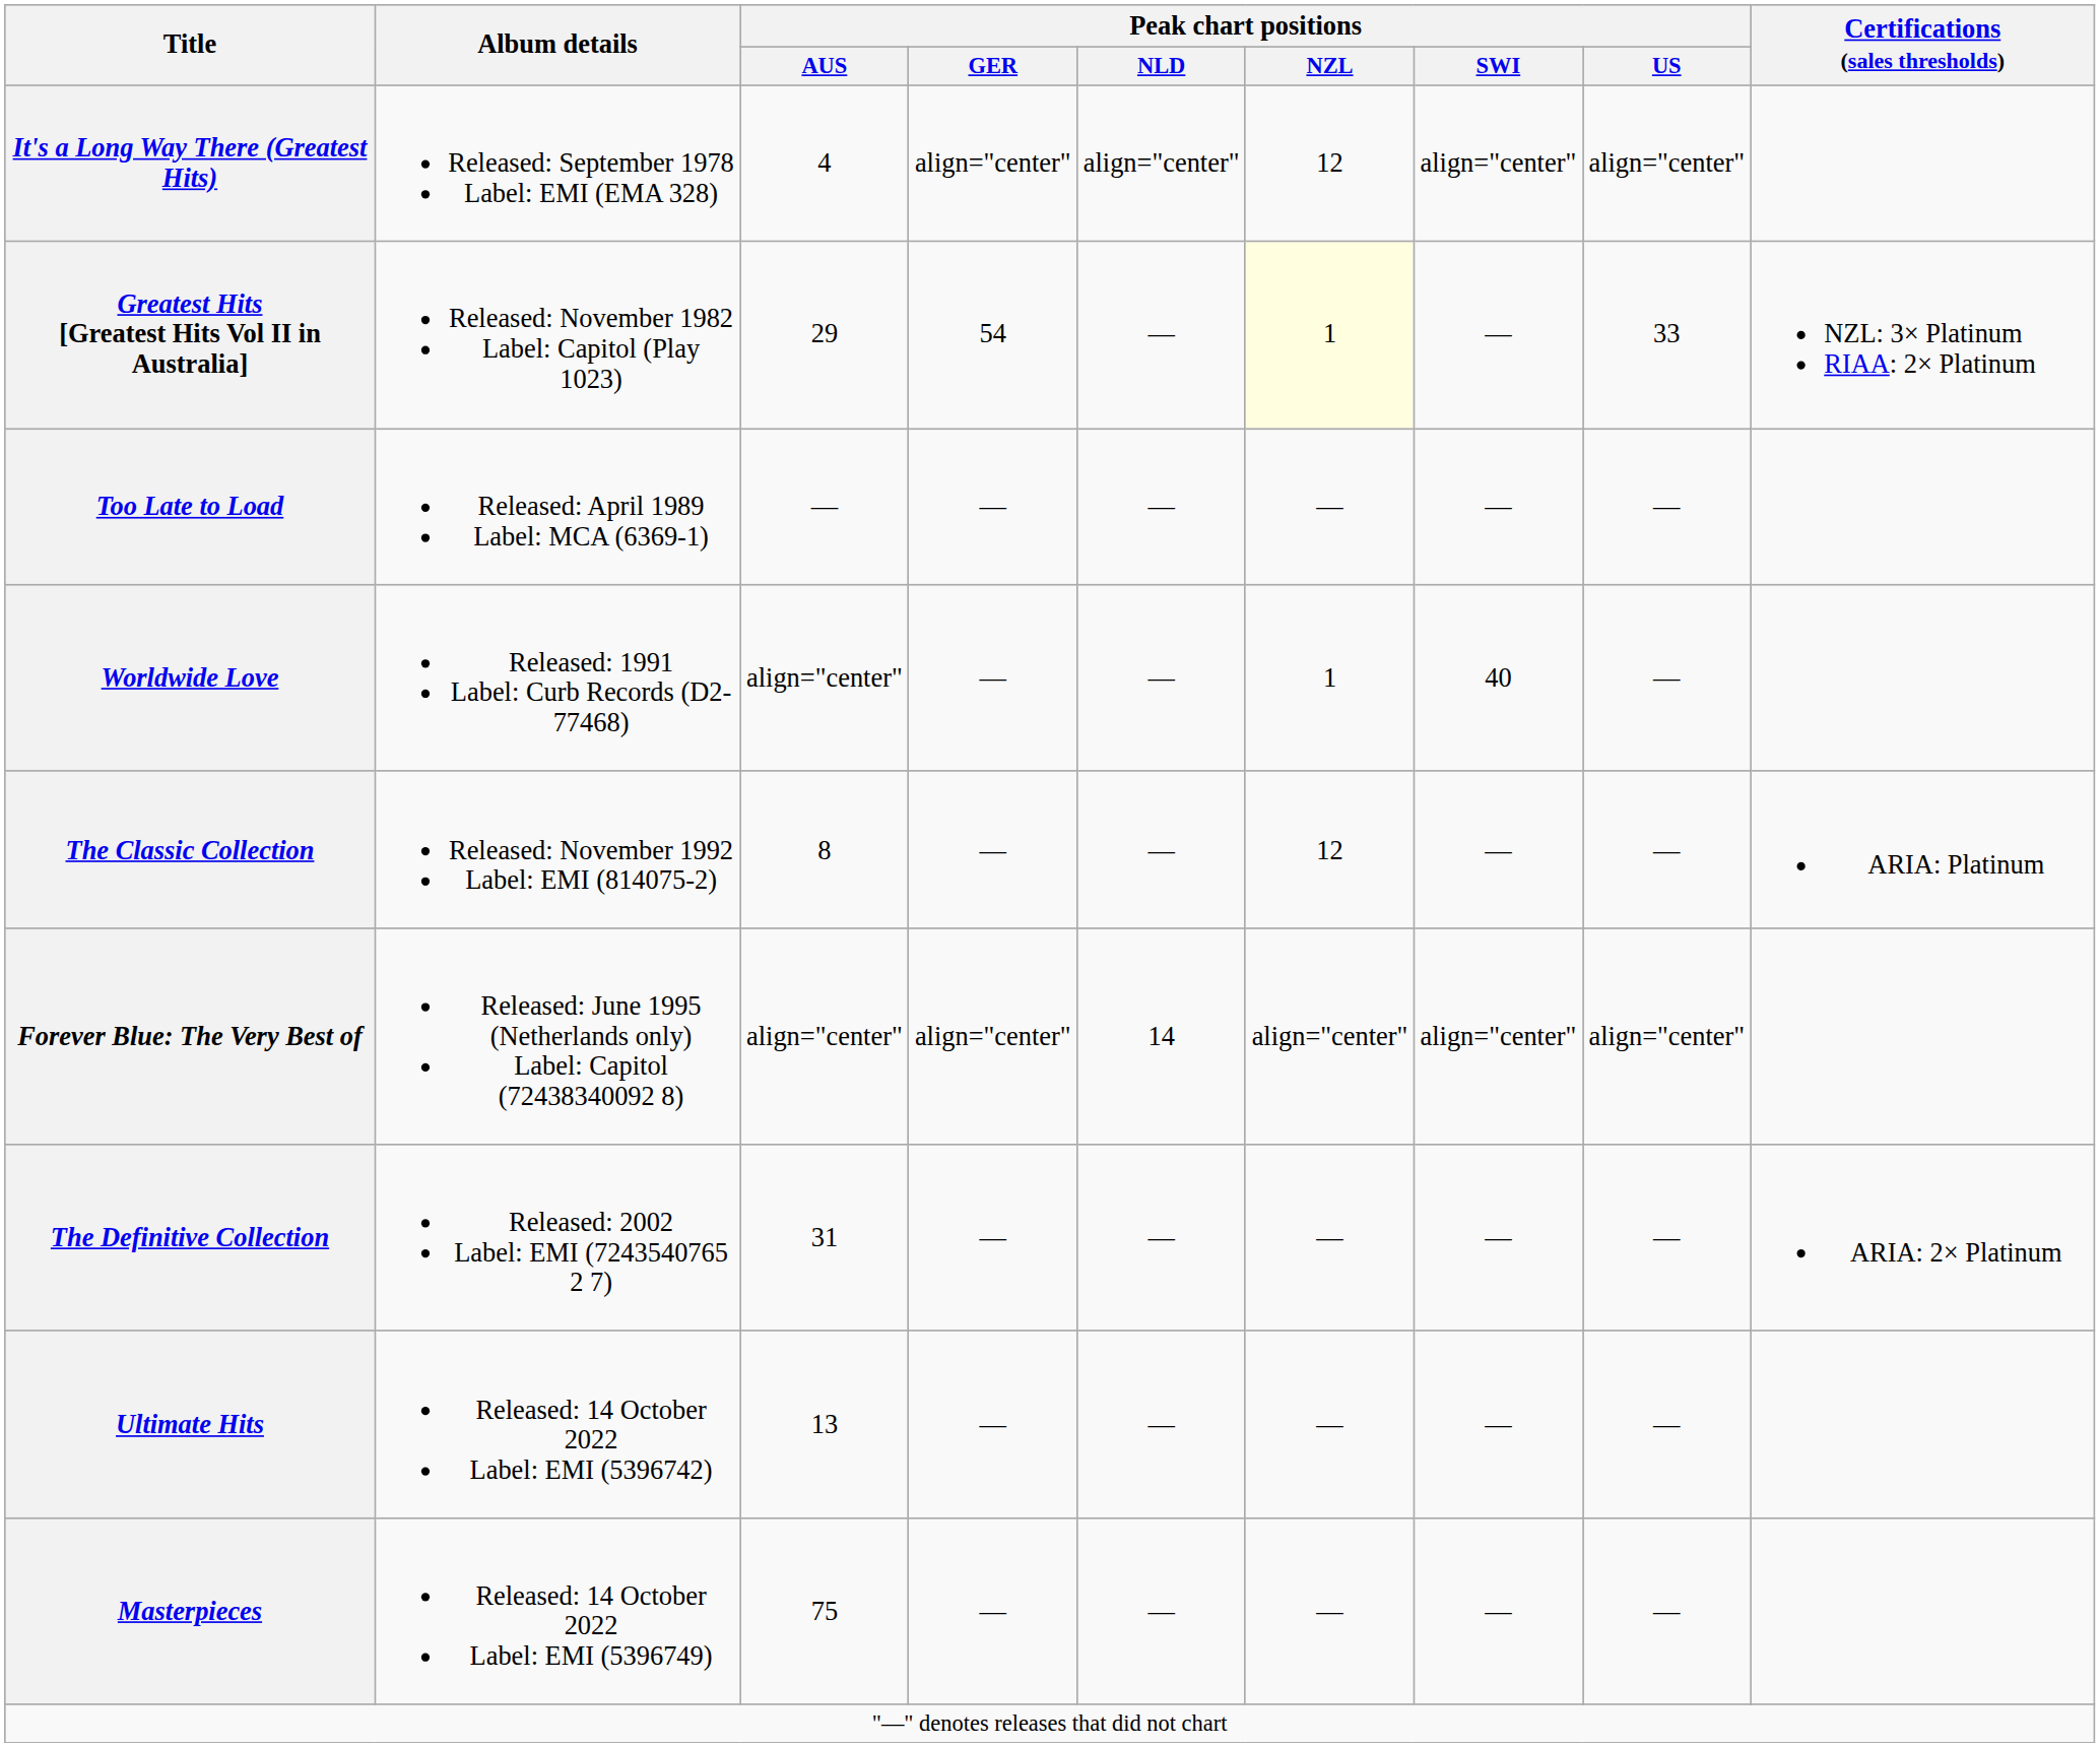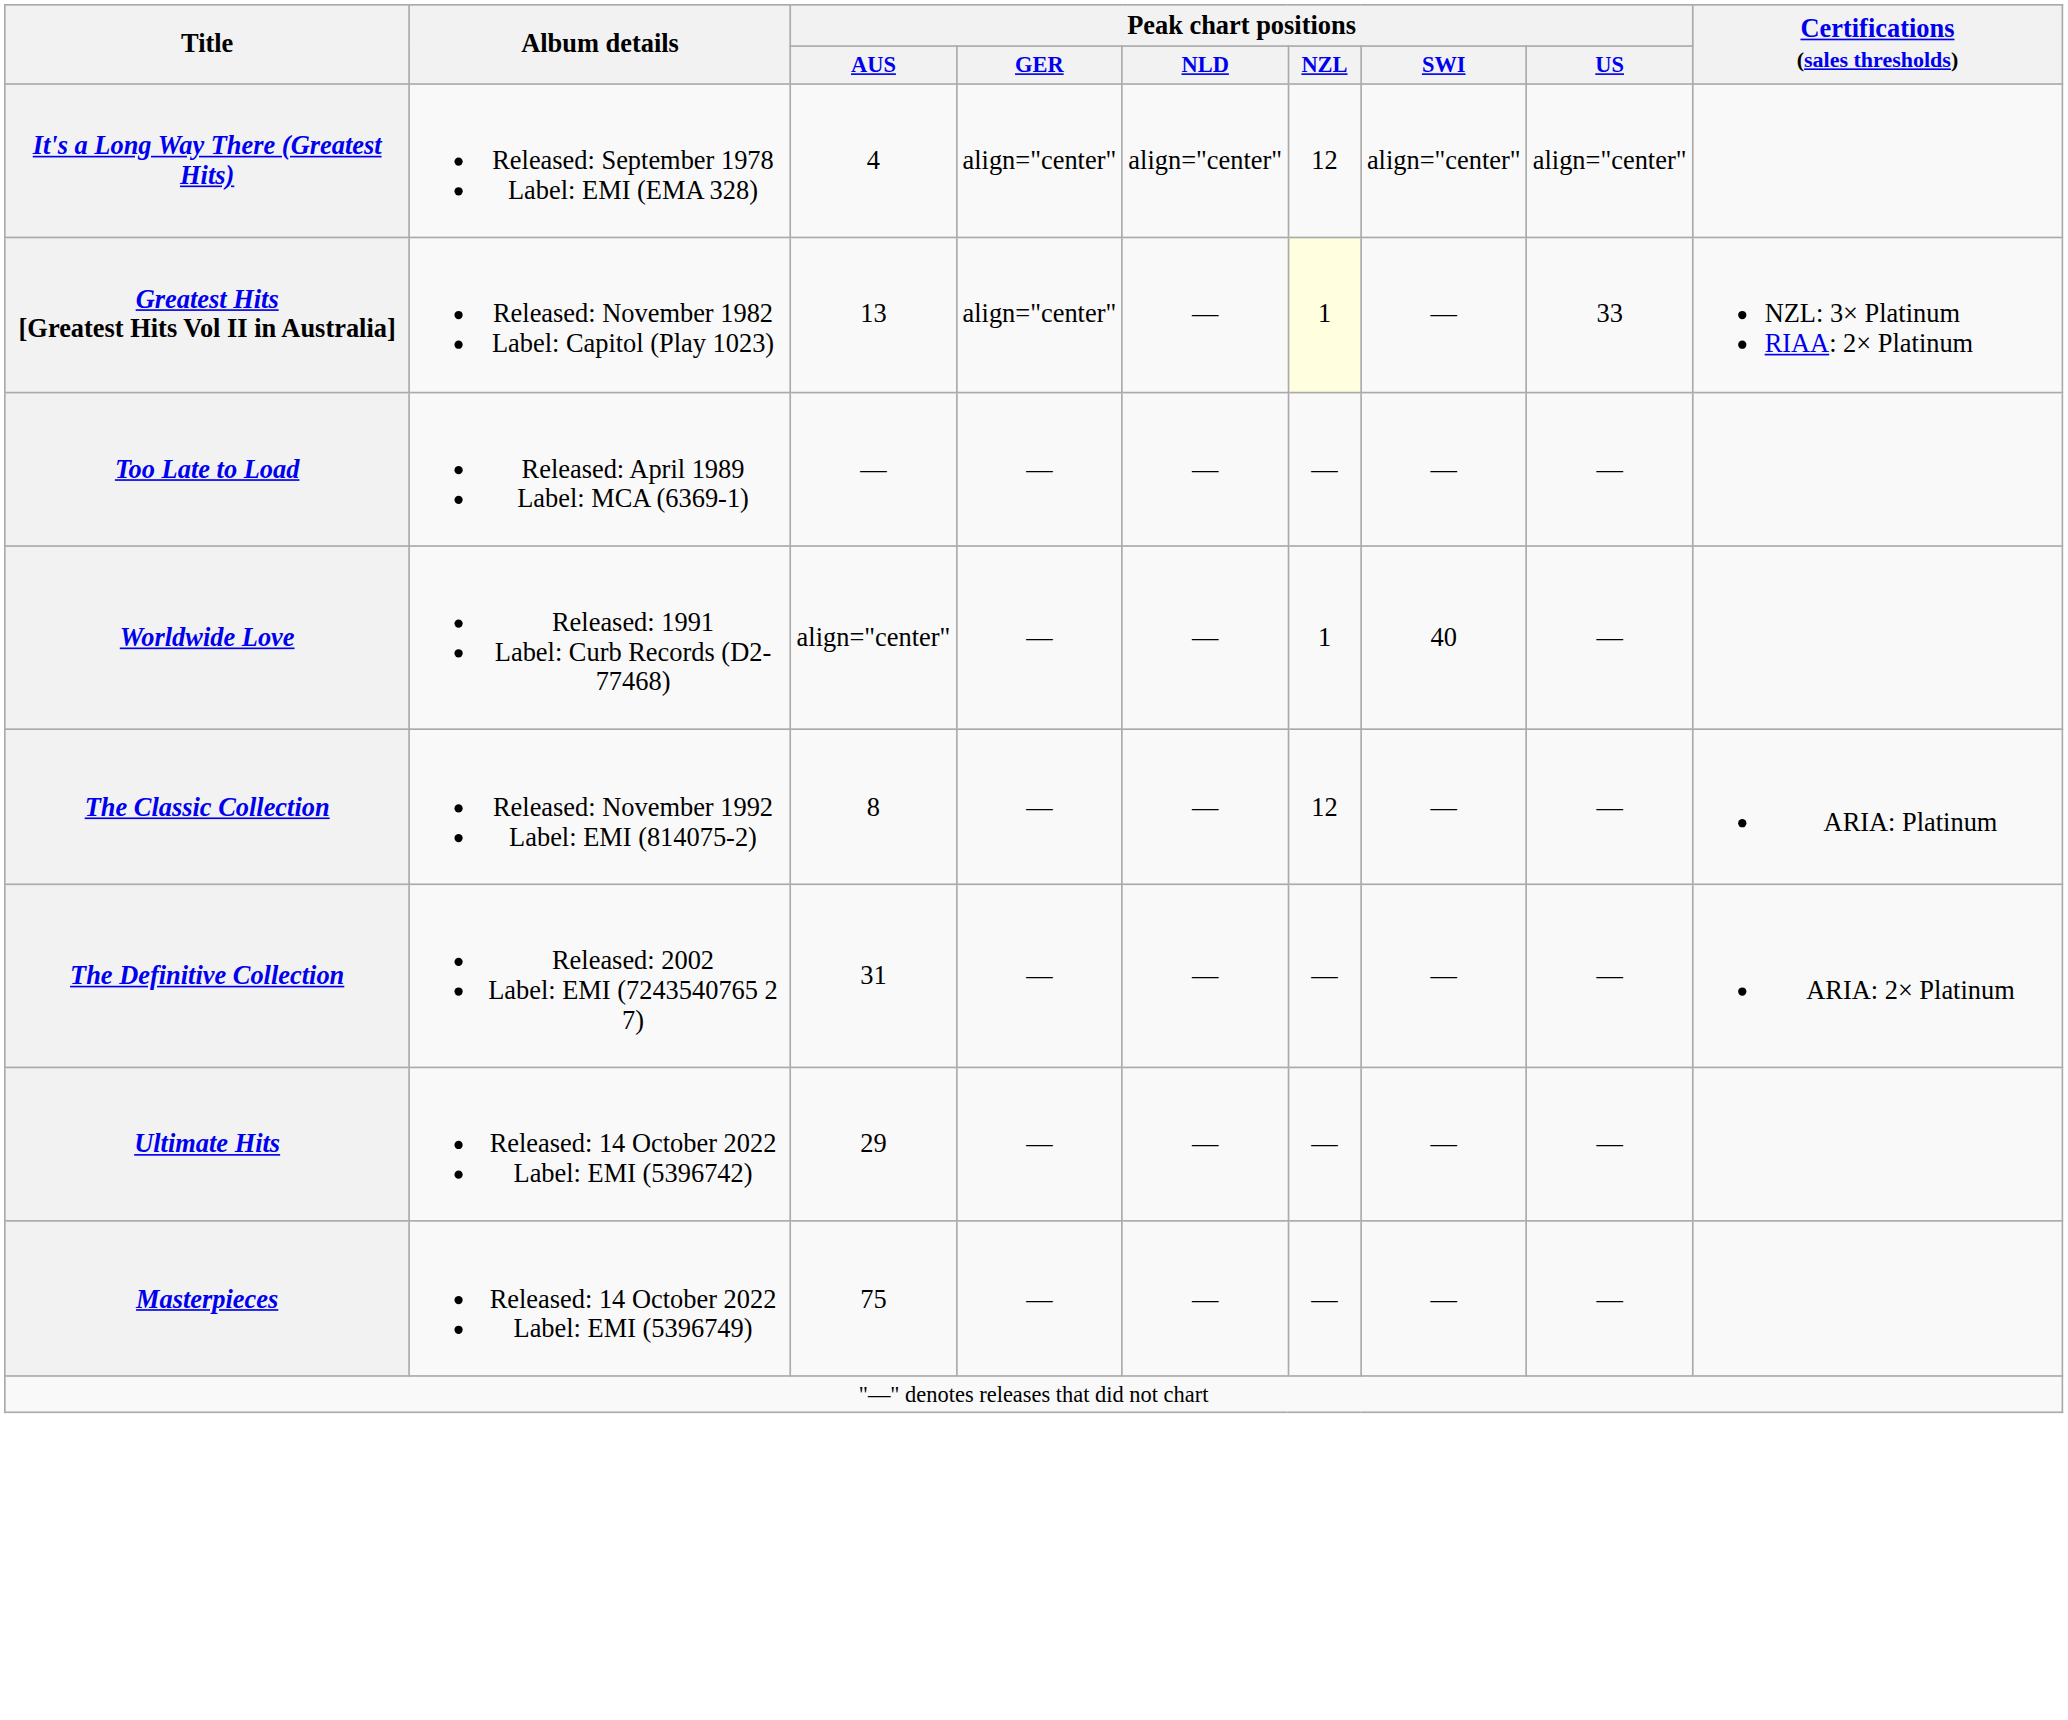 <table class="wikitable plainrowheaders" style="text-align:center;">
 <tr>
 <th scope="col" rowspan="2" style="width:18em;">Title</th>
 <th scope="col" rowspan="2" style="width:16em;">Album details</th>
 <th scope="col" colspan="6">Peak chart positions</th>
 <th scope="col" rowspan="2" style="width:16em;"><a href='#'>Certifications</a><br><small>(<a href='#'>sales thresholds</a>)</small></th>
 </tr>
 <tr>
 <th style="width:3em;font-size:85%"><a href='#'>AUS</a><br></th>
 <th style="width:3em;font-size:85%"><a href='#'>GER</a><br></th>
 <th style="width:3em;font-size:85%"><a href='#'>NLD</a><br></th>
 <th style="width:3em;font-size:85%"><a href='#'>NZL</a><br></th>
 <th style="width:3em;font-size:85%"><a href='#'>SWI</a><br></th>
 <th style="width:3em;font-size:85%"><a href='#'>US</a><br></th>
 </tr>
 <tr>
 <th scope="row"><em><a href='#'>It's a Long Way There (Greatest Hits)</a></em></th>
 <td><br><ul><li>Released: September 1978</li><li>Label: EMI (EMA 328)</li></ul></td>
 <td align="center">4</td>
 <td>align="center" </td>
 <td>align="center" </td>
 <td align="center">12</td>
 <td>align="center" </td>
 <td>align="center" </td>
 <td align="left"></td>
 </tr>
 <tr>
 <th scope="row"><em><a href='#'>Greatest Hits</a></em> <br> [Greatest Hits Vol II in Australia]</th>
 <td><br><ul><li>Released: November 1982</li><li>Label: Capitol (Play 1023)</li></ul></td>
-<td align="center">29<br></td>
-<td align="center">54</td>
+<td align="center">13</td>
+<td>align="center" </td>
 <td align="center">—</td>
 <td align="center" style="background: lightyellow;">1</td>
 <td align="center">—</td>
 <td align="center">33</td>
 <td align="left"><br><ul><li>NZL: 3× Platinum</li><li><a href='#'>RIAA</a>: 2× Platinum</li></ul></td>
 </tr>
 <tr>
 <th scope="row"><em><a href='#'>Too Late to Load</a></em></th>
 <td><br><ul><li>Released: April 1989</li><li>Label: MCA (6369-1)</li></ul></td>
 <td align="center">—</td>
 <td align="center">—</td>
 <td align="center">—</td>
 <td align="center">—</td>
 <td align="center">—</td>
 <td align="center">—</td>
 <td></td>
 </tr>
 <tr>
 <th scope="row"><em><a href='#'>Worldwide Love</a></em></th>
 <td><br><ul><li>Released: 1991</li><li>Label: Curb Records (D2-77468)</li></ul></td>
 <td>align="center" </td>
 <td align="center">—</td>
 <td align="center">—</td>
 <td align="center">1</td>
 <td align="center">40</td>
 <td align="center">—</td>
 <td></td>
 </tr>
 <tr>
 <th scope="row"><em><a href='#'>The Classic Collection</a></em></th>
 <td><br><ul><li>Released: November 1992</li><li>Label: EMI (814075-2)</li></ul></td>
 <td align="center">8</td>
 <td align="center">—</td>
 <td align="center">—</td>
 <td align="center">12</td>
 <td align="center">—</td>
 <td align="center">—</td>
 <td><br><ul><li>ARIA: Platinum</li></ul></td>
 </tr>
 <tr>
-<th scope="row"><em>Forever Blue: The Very Best of</em></th>
-<td><br><ul><li>Released: June 1995 (Netherlands only)</li><li>Label: Capitol (72438340092 8)</li></ul></td>
-<td>align="center" </td>
-<td>align="center" </td>
-<td align="center">14</td>
-<td>align="center" </td>
-<td>align="center" </td>
-<td>align="center" </td>
-<td></td>
-</tr>
-<tr>
 <th scope="row"><em><a href='#'>The Definitive Collection</a></em></th>
 <td><br><ul><li>Released: 2002</li><li>Label: EMI (7243540765 2 7)</li></ul></td>
 <td align="center">31</td>
 <td align="center">—</td>
 <td align="center">—</td>
 <td align="center">—</td>
 <td align="center">—</td>
 <td align="center">—</td>
 <td><br><ul><li>ARIA: 2× Platinum</li></ul></td>
 </tr>
 <tr>
 <th scope="row"><em><a href='#'>Ultimate Hits</a></em></th>
 <td><br><ul><li>Released: 14 October 2022</li><li>Label: EMI (5396742)</li></ul></td>
-<td align="center">13</td>
+<td align="center">29<br></td>
 <td align="center">—</td>
 <td align="center">—</td>
 <td align="center">—</td>
 <td align="center">—</td>
 <td align="center">—</td>
 <td></td>
 </tr>
 <tr>
 <th scope="row"><em><a href='#'>Masterpieces</a></em></th>
 <td><br><ul><li>Released: 14 October 2022</li><li>Label: EMI (5396749)</li></ul></td>
 <td align="center">75</td>
 <td align="center">—</td>
 <td align="center">—</td>
 <td align="center">—</td>
 <td align="center">—</td>
 <td align="center">—</td>
 <td></td>
 </tr>
 <tr>
 <td align="center" colspan="9" style="font-size:85%">"—" denotes releases that did not chart</td>
 </tr>
 </table>
